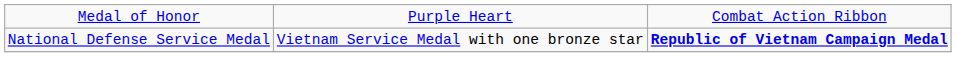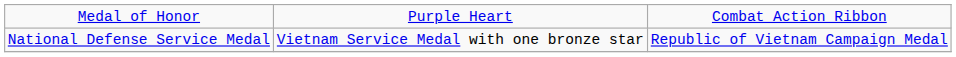 <table class="wikitable" style="margin:1em auto; text-align:center;">
 <tr>
 <td><a href='#'>Medal of Honor</a></td>
 <td><a href='#'>Purple Heart</a></td>
 <td><a href='#'>Combat Action Ribbon</a></td>
 </tr>
 <tr>
 <td><a href='#'>National Defense Service Medal</a></td>
 <td><a href='#'>Vietnam Service Medal</a> with one bronze star</td>
-<td><strong><a href='#'>Republic of Vietnam Campaign Medal</a></strong></td>
+<td><a href='#'>Republic of Vietnam Campaign Medal</a></td>
 </tr>
 <tr>
 </tr>
 </table>
